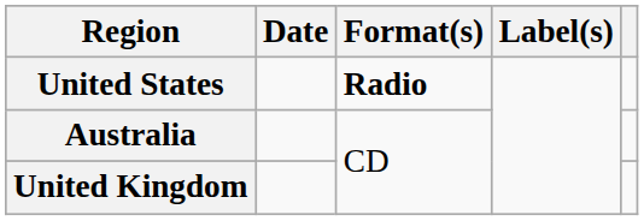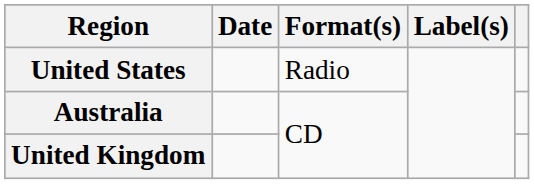 <table class="wikitable plainrowheaders">
 <tr>
 <th scope="col">Region</th>
 <th scope="col">Date</th>
 <th scope="col">Format(s)</th>
 <th scope="col">Label(s)</th>
 <th scope="col"></th>
 </tr>
 <tr>
 <th scope="row">United States</th>
 <td></td>
-<td><strong>Radio</strong></td>
+<td>Radio</td>
 <td rowspan="3"></td>
 <td></td>
 </tr>
 <tr>
 <th scope="row">Australia</th>
 <td></td>
 <td rowspan="2">CD</td>
 <td></td>
 </tr>
 <tr>
 <th scope="row">United Kingdom</th>
 <td></td>
 <td></td>
 </tr>
 </table>
